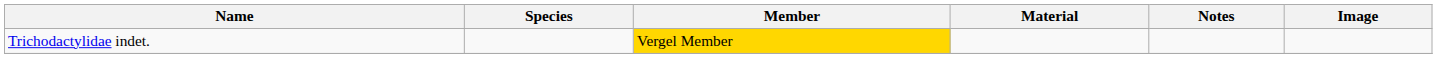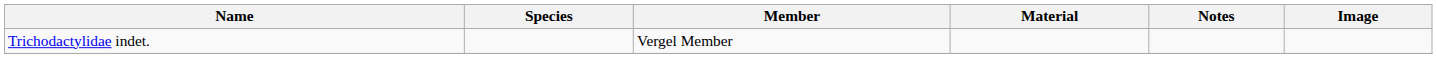 <table class="wikitable" align="center" width="75%">
 <tr>
 <th>Name</th>
 <th>Species</th>
 <th>Member</th>
 <th>Material</th>
 <th>Notes</th>
 <th>Image</th>
 </tr>
 <tr>
 <td><a href='#'>Trichodactylidae</a> indet.</td>
 <td></td>
-<td style="background: gold;">Vergel Member</td>
+<td>Vergel Member</td>
 <td></td>
 <td></td>
 <td></td>
 </tr>
 <tr>
 </tr>
 </table>
